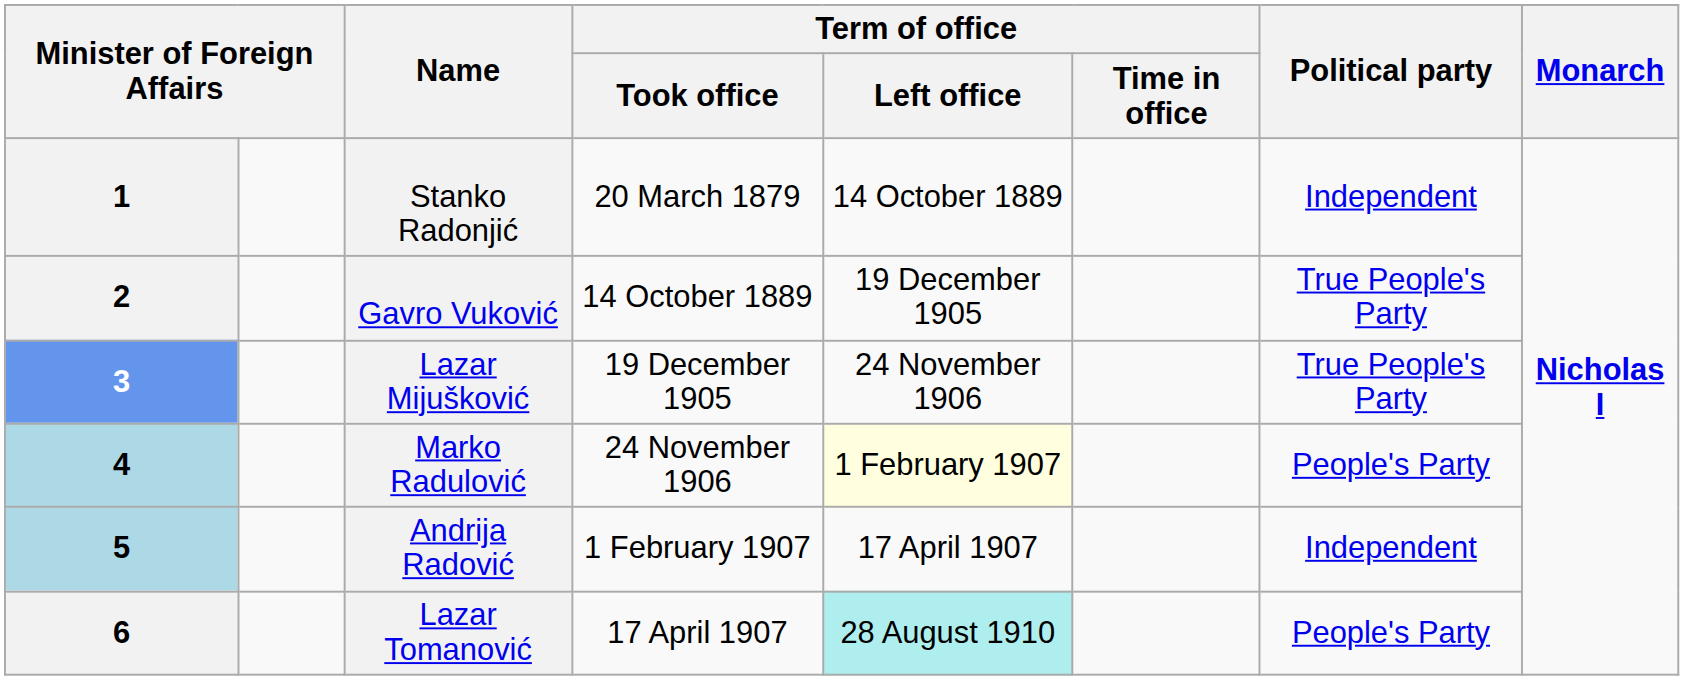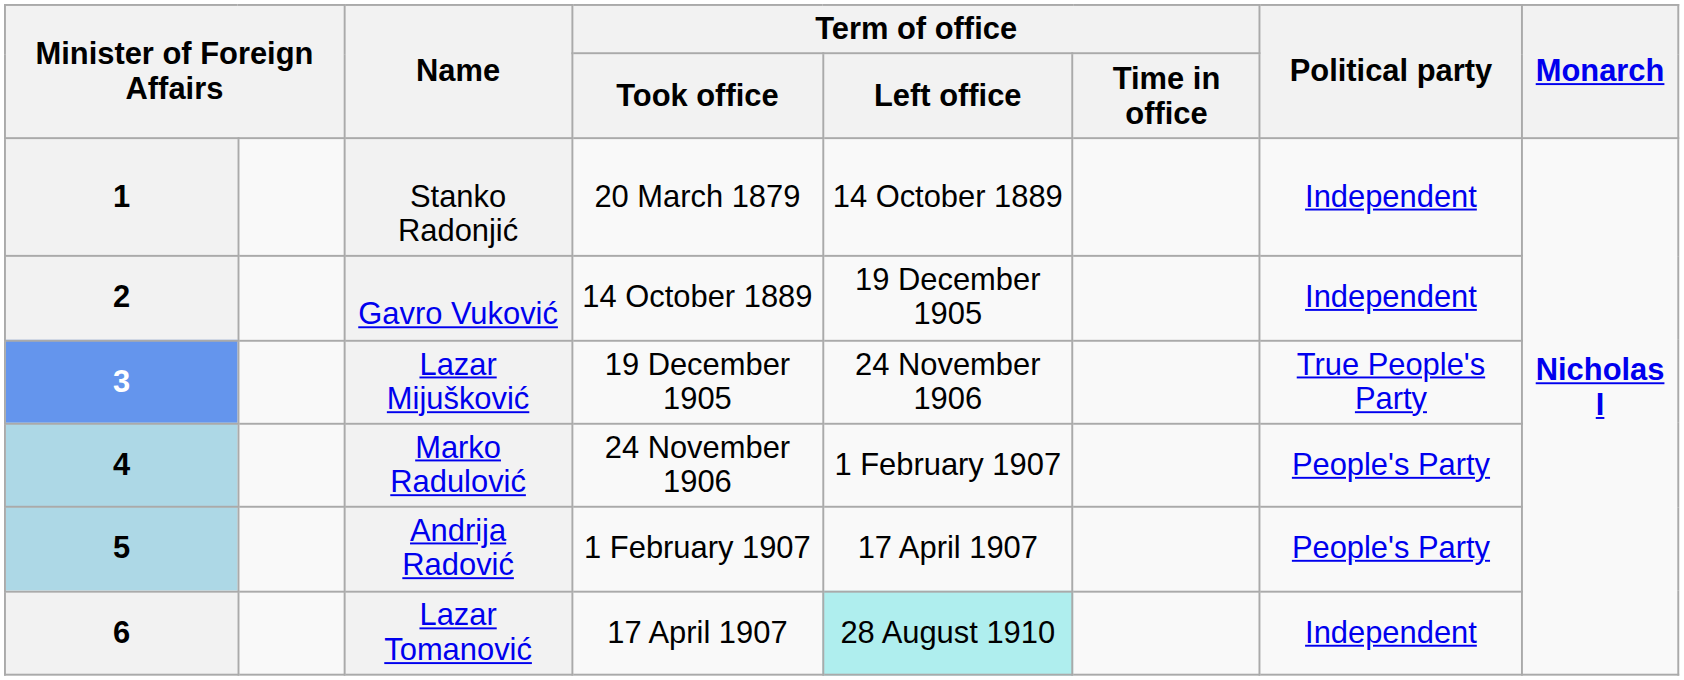 <table class="wikitable" style="text-align:center; margin-bottom:0">
 <tr>
 <th colspan="2" rowspan="2">Minister of Foreign Affairs</th>
 <th rowspan="2">Name<br></th>
 <th colspan="3">Term of office</th>
 <th rowspan="2">Political party</th>
 <th colspan="2" rowspan="2"><a href='#'>Monarch</a></th>
 </tr>
 <tr>
 <th>Took office</th>
 <th>Left office</th>
 <th>Time in office</th>
 </tr>
 <tr>
 <th style="background:">1</th>
 <td></td>
 <th scope="row" style="font-weight:normal;"><br>Stanko Radonjić</th>
 <td>20 March 1879</td>
 <td>14 October 1889</td>
 <td></td>
 <td><a href='#'>Independent</a></td>
 <td rowspan="6"><strong><a href='#'>Nicholas I</a></strong><br><br></td>
 </tr>
 <tr>
 <th style="background:">2</th>
 <td></td>
 <th scope="row" style="font-weight:normal;"><br><a href='#'>Gavro Vuković</a><br></th>
 <td>14 October 1889</td>
 <td>19 December 1905</td>
 <td></td>
-<td><a href='#'>True People's Party</a></td>
+<td><a href='#'>Independent</a></td>
 </tr>
 <tr>
 <th style="background:#6495ED; color:white;">3</th>
 <td></td>
 <th scope="row" style="font-weight:normal;"><a href='#'>Lazar Mijušković</a><br></th>
 <td>19 December 1905</td>
 <td>24 November 1906</td>
 <td></td>
 <td><a href='#'>True People's Party</a></td>
 </tr>
 <tr>
 <th style="background:#ADD8E6;">4</th>
 <td></td>
 <th scope="row" style="font-weight:normal;"><a href='#'>Marko Radulović</a><br></th>
 <td>24 November 1906</td>
-<td style="background: lightyellow;">1 February 1907</td>
+<td>1 February 1907</td>
 <td></td>
 <td><a href='#'>People's Party</a></td>
 </tr>
 <tr>
 <th style="background:#ADD8E6;">5</th>
 <td></td>
 <th scope="row" style="font-weight:normal;"><a href='#'>Andrija Radović</a><br></th>
 <td>1 February 1907</td>
 <td>17 April 1907</td>
 <td></td>
-<td><a href='#'>Independent</a></td>
+<td><a href='#'>People's Party</a></td>
 </tr>
 <tr>
 <th style="background:">6</th>
 <td></td>
 <th scope="row" style="font-weight:normal;"><a href='#'>Lazar Tomanović</a><br></th>
 <td>17 April 1907</td>
 <td style="background: paleturquoise;">28 August 1910</td>
 <td></td>
-<td><a href='#'>People's Party</a></td>
+<td><a href='#'>Independent</a></td>
 </tr>
 </table>
